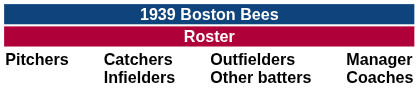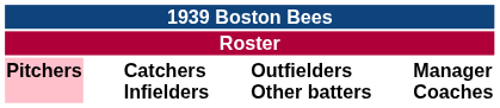 <table class="toccolours" style="font-size: 95%;">
 <tr>
 <th colspan="10" style="background-color: #0f437c; color: white; text-align: center;">1939 Boston Bees</th>
 </tr>
 <tr>
 <td colspan="10" style="background-color: #af0039; color: white; text-align: center;"><strong>Roster</strong></td>
 </tr>
 <tr>
-<td valign="top"><strong>Pitchers</strong><br>              </td>
+<td valign="top" style="background: pink;"><strong>Pitchers</strong><br>              </td>
 <td width="25px"></td>
 <td valign="top"><strong>Catchers</strong><br>   <strong>Infielders</strong>           </td>
 <td width="25px"></td>
 <td valign="top"><strong>Outfielders</strong><br>         <strong>Other batters</strong> </td>
 <td width="25px"></td>
 <td valign="top"><strong>Manager</strong><br> <strong>Coaches</strong>  </td>
 </tr>
 </table>
